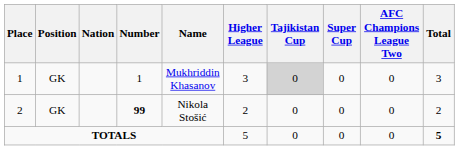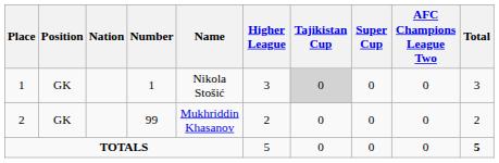 <table class="wikitable" style="font-size: 95%; text-align: center;">
 <tr>
 <th width=20>Place</th>
 <th width=20>Position</th>
 <th width=20>Nation</th>
 <th width=20>Number</th>
 <th width=200>Name</th>
 <th width=200><a href='#'>Higher League</a></th>
 <th width=200><a href='#'>Tajikistan Cup</a></th>
 <th width=200><a href='#'>Super Cup</a></th>
 <th width=200><a href='#'>AFC Champions League Two</a></th>
 <th width=100><strong>Total</strong></th>
 </tr>
 <tr>
 <td>1</td>
 <td>GK</td>
 <td></td>
 <td>1</td>
-<td><a href='#'>Mukhriddin Khasanov</a></td>
+<td>Nikola Stošić</td>
 <td>3</td>
 <td style="background: lightgrey;">0</td>
 <td>0</td>
 <td>0</td>
 <td>3</td>
 </tr>
 <tr>
 <td>2</td>
 <td>GK</td>
 <td></td>
-<td><strong>99</strong></td>
-<td>Nikola Stošić</td>
+<td>99</td>
+<td><a href='#'>Mukhriddin Khasanov</a></td>
 <td>2</td>
 <td>0</td>
 <td>0</td>
 <td>0</td>
 <td>2</td>
 </tr>
 <tr>
 <td colspan="5"><strong>TOTALS</strong></td>
 <td>5</td>
 <td>0</td>
 <td>0</td>
 <td>0</td>
 <td><strong>5</strong></td>
 </tr>
 </table>
